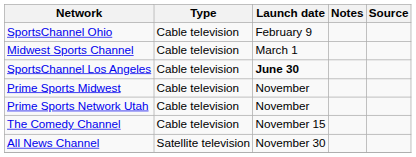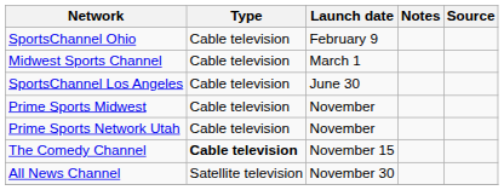 <table class="wikitable sortable">
 <tr>
 <th>Network</th>
 <th>Type</th>
 <th>Launch date</th>
 <th>Notes</th>
 <th>Source</th>
 </tr>
 <tr>
 <td><a href='#'>SportsChannel Ohio</a></td>
 <td>Cable television</td>
 <td>February 9</td>
 <td></td>
 <td></td>
 </tr>
 <tr>
 <td><a href='#'>Midwest Sports Channel</a></td>
 <td>Cable television</td>
 <td>March 1</td>
 <td></td>
 <td></td>
 </tr>
 <tr>
 <td><a href='#'>SportsChannel Los Angeles</a></td>
 <td>Cable television</td>
-<td><strong>June 30</strong></td>
+<td>June 30</td>
 <td></td>
 <td></td>
 </tr>
 <tr>
 <td><a href='#'>Prime Sports Midwest</a></td>
 <td>Cable television</td>
 <td>November</td>
 <td></td>
 <td></td>
 </tr>
 <tr>
 <td><a href='#'>Prime Sports Network Utah</a></td>
 <td>Cable television</td>
 <td>November</td>
 <td></td>
 <td></td>
 </tr>
 <tr>
 <td><a href='#'>The Comedy Channel</a></td>
-<td>Cable television</td>
+<td><strong>Cable television</strong></td>
 <td>November 15</td>
 <td></td>
 <td></td>
 </tr>
 <tr>
 <td><a href='#'>All News Channel</a></td>
 <td>Satellite television</td>
 <td>November 30</td>
 <td></td>
 <td></td>
 </tr>
 <tr>
 </tr>
 </table>
